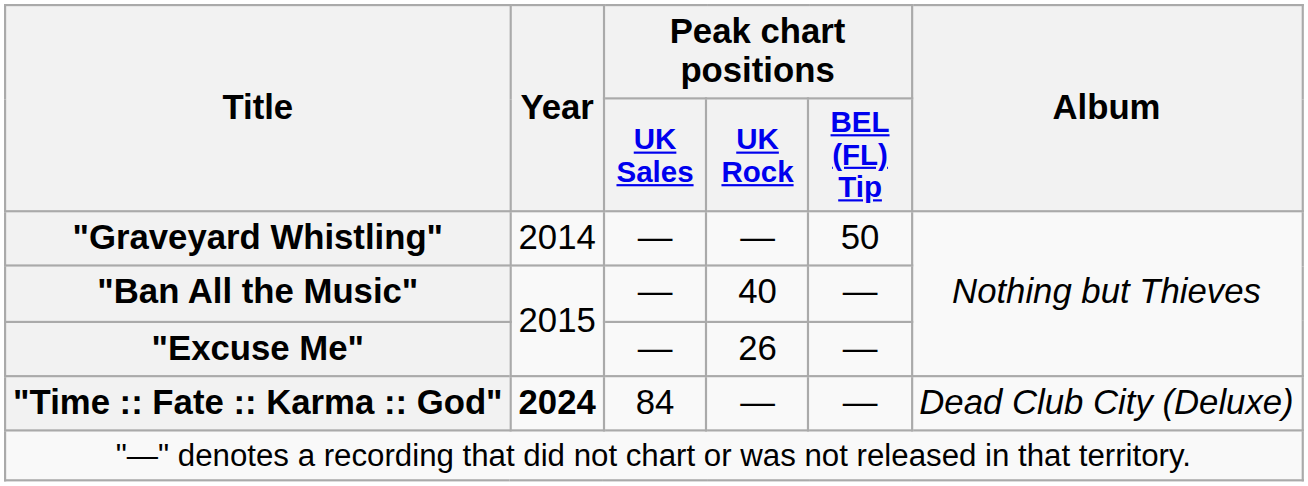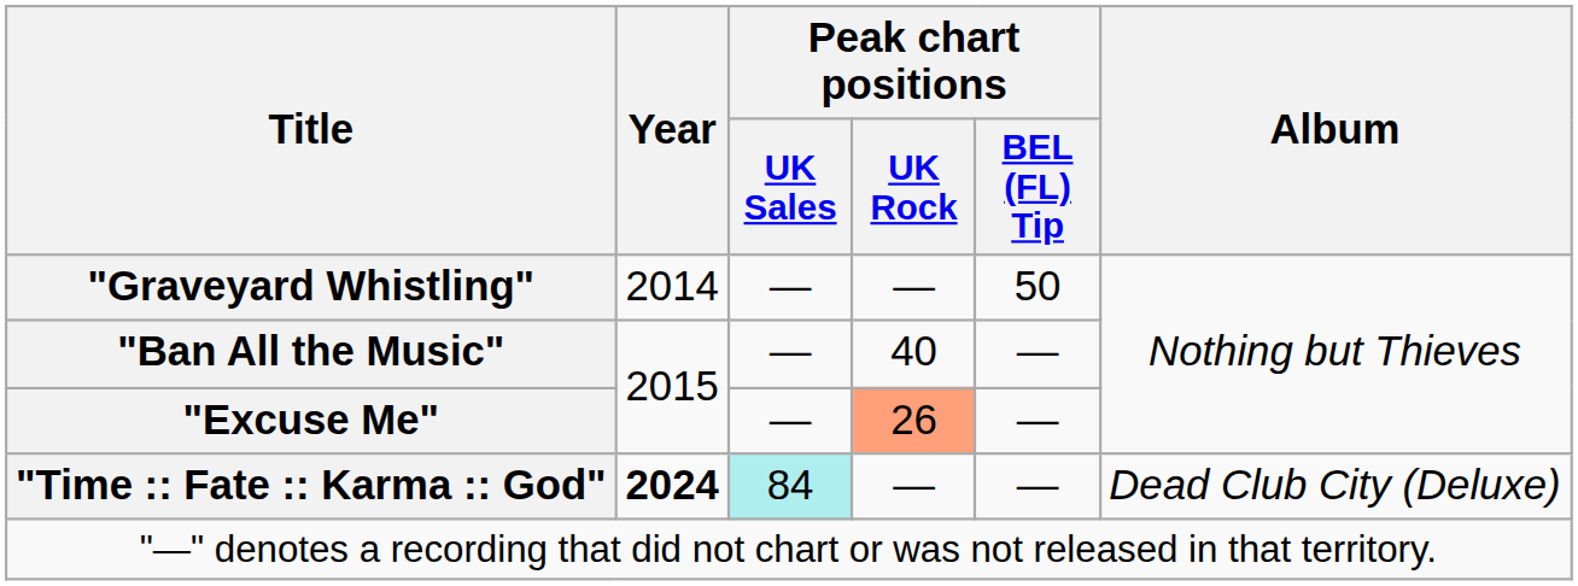 <table class="wikitable plainrowheaders" style="text-align:center;">
 <tr>
 <th scope="col" rowspan="2">Title</th>
 <th scope="col" rowspan="2">Year</th>
 <th scope="col" colspan="3">Peak chart positions</th>
 <th scope="col" rowspan="2">Album</th>
 </tr>
 <tr>
 <th scope="col" style="width:3em;font-size:85%;"><a href='#'>UK<br>Sales</a><br></th>
 <th scope="col" style="width:3em;font-size:85%;"><a href='#'>UK<br>Rock</a><br></th>
 <th scope="col" style="width:3em;font-size:85%;"><a href='#'>BEL<br>(FL)<br>Tip</a><br></th>
 </tr>
 <tr>
 <th scope="row">"Graveyard Whistling"</th>
 <td>2014</td>
 <td>—</td>
 <td>—</td>
 <td>50</td>
 <td rowspan="3"><em>Nothing but Thieves</em></td>
 </tr>
 <tr>
 <th scope="row">"Ban All the Music"</th>
 <td rowspan="2">2015</td>
 <td>—</td>
 <td>40</td>
 <td>—</td>
 </tr>
 <tr>
 <th scope="row">"Excuse Me"</th>
 <td>—</td>
-<td>26</td>
+<td style="background: lightsalmon;">26</td>
 <td>—</td>
 </tr>
 <tr>
 <th scope="row">"Time :: Fate :: Karma :: God"</th>
 <td><strong>2024</strong></td>
-<td>84</td>
+<td style="background: paleturquoise;">84</td>
 <td>—</td>
 <td>—</td>
 <td><em>Dead Club City (Deluxe)</em></td>
 </tr>
 <tr>
 <td colspan="17" style="font-size:90%">"—" denotes a recording that did not chart or was not released in that territory.</td>
 </tr>
 </table>
